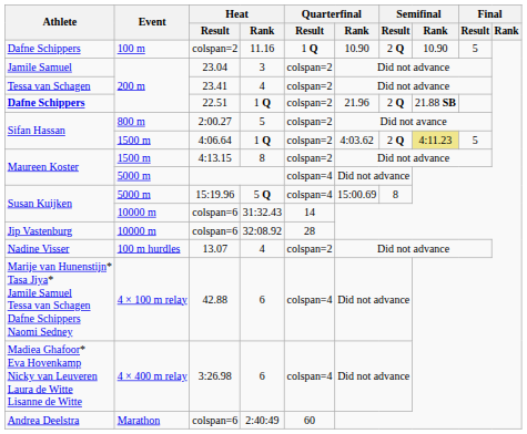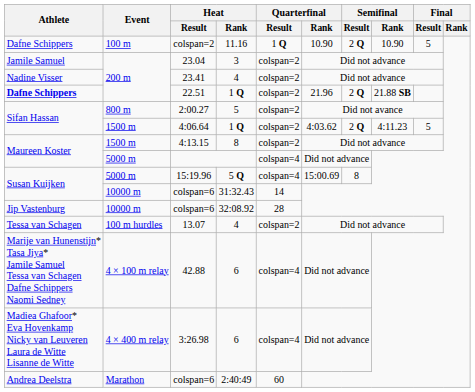 <table class="wikitable" style="font-size:90%">
 <tr>
 <th rowspan="2">Athlete</th>
 <th rowspan="2">Event</th>
 <th colspan="2">Heat</th>
 <th colspan="2">Quarterfinal</th>
 <th colspan="2">Semifinal</th>
 <th colspan="2">Final</th>
 </tr>
 <tr style="font-size:95%">
 <th>Result</th>
 <th>Rank</th>
 <th>Result</th>
 <th>Rank</th>
 <th>Result</th>
 <th>Rank</th>
 <th>Result</th>
 <th>Rank</th>
 </tr>
 <tr align=center>
 <td align=left><a href='#'>Dafne Schippers</a></td>
 <td align=left><a href='#'>100 m</a></td>
 <td>colspan=2 </td>
 <td>11.16</td>
 <td>1 <strong>Q</strong></td>
 <td>10.90</td>
 <td>2 <strong>Q</strong></td>
 <td>10.90</td>
 <td>5</td>
 </tr>
 <tr align=center>
 <td align=left><a href='#'>Jamile Samuel</a></td>
 <td align=left rowspan=3><a href='#'>200 m</a></td>
 <td>23.04</td>
 <td>3</td>
 <td>colspan=2 </td>
 <td colspan=4>Did not advance</td>
 </tr>
 <tr align=center>
-<td align=left><a href='#'>Tessa van Schagen</a></td>
+<td align=left><a href='#'>Nadine Visser</a></td>
 <td>23.41</td>
 <td>4</td>
 <td>colspan=2 </td>
 <td colspan=4>Did not advance</td>
 </tr>
 <tr align=center>
 <td align=left><strong><a href='#'>Dafne Schippers</a></strong></td>
 <td>22.51</td>
 <td>1 <strong>Q</strong></td>
 <td>colspan=2 </td>
 <td>21.96</td>
 <td>2 <strong>Q</strong></td>
 <td>21.88 <strong>SB</strong></td>
 <td></td>
 </tr>
 <tr align=center>
 <td align=left rowspan=2><a href='#'>Sifan Hassan</a></td>
 <td align=left><a href='#'>800 m</a></td>
 <td>2:00.27</td>
 <td>5</td>
 <td>colspan=2 </td>
 <td colspan=4>Did not avance</td>
 </tr>
 <tr align=center>
 <td align=left><a href='#'>1500 m</a></td>
 <td>4:06.64</td>
 <td>1 <strong>Q</strong></td>
 <td>colspan=2 </td>
 <td>4:03.62</td>
 <td>2 <strong>Q</strong></td>
-<td style="background: khaki;">4:11.23</td>
+<td>4:11.23</td>
 <td>5</td>
 </tr>
 <tr align=center>
 <td align=left rowspan=2><a href='#'>Maureen Koster</a></td>
 <td align=left><a href='#'>1500 m</a></td>
 <td>4:13.15</td>
 <td>8</td>
 <td>colspan=2 </td>
 <td colspan=4>Did not advance</td>
 </tr>
 <tr align=center>
 <td align=left><a href='#'>5000 m</a></td>
 <td colspan=2></td>
 <td>colspan=4 </td>
 <td colspan=2>Did not advance</td>
 </tr>
 <tr align=center>
 <td align=left rowspan=2><a href='#'>Susan Kuijken</a></td>
 <td align=left><a href='#'>5000 m</a></td>
 <td>15:19.96</td>
 <td>5 <strong>Q</strong></td>
 <td>colspan=4 </td>
 <td>15:00.69</td>
 <td>8</td>
 </tr>
 <tr align=center>
 <td align=left><a href='#'>10000 m</a></td>
 <td>colspan=6 </td>
 <td>31:32.43</td>
 <td>14</td>
 </tr>
 <tr align=center>
 <td align=left><a href='#'>Jip Vastenburg</a></td>
 <td align=left><a href='#'>10000 m</a></td>
 <td>colspan=6 </td>
 <td>32:08.92</td>
 <td>28</td>
 </tr>
 <tr align=center>
-<td align=left><a href='#'>Nadine Visser</a></td>
+<td align=left><a href='#'>Tessa van Schagen</a></td>
 <td align=left><a href='#'>100 m hurdles</a></td>
 <td>13.07</td>
 <td>4</td>
 <td>colspan=2 </td>
 <td colspan=4>Did not advance</td>
 </tr>
 <tr align=center>
 <td align=left><a href='#'>Marije van Hunenstijn</a>*<br><a href='#'>Tasa Jiya</a>*<br><a href='#'>Jamile Samuel</a><br><a href='#'>Tessa van Schagen</a><br><a href='#'>Dafne Schippers</a><br><a href='#'>Naomi Sedney</a></td>
 <td align=left><a href='#'>4 × 100 m relay</a></td>
 <td>42.88</td>
 <td>6</td>
 <td>colspan=4 </td>
 <td colspan=2>Did not advance</td>
 </tr>
 <tr align=center>
 <td align=left><a href='#'>Madiea Ghafoor</a>*<br><a href='#'>Eva Hovenkamp</a><br><a href='#'>Nicky van Leuveren</a><br><a href='#'>Laura de Witte</a><br><a href='#'>Lisanne de Witte</a></td>
 <td align=left><a href='#'>4 × 400 m relay</a></td>
 <td>3:26.98</td>
 <td>6</td>
 <td>colspan=4 </td>
 <td colspan=2>Did not advance</td>
 </tr>
 <tr align=center>
 <td align=left><a href='#'>Andrea Deelstra</a></td>
 <td align=left><a href='#'>Marathon</a></td>
 <td>colspan=6 </td>
 <td>2:40:49</td>
 <td>60</td>
 </tr>
 </table>
